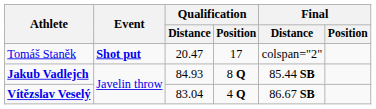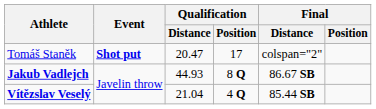 <table class=wikitable style=font-size:90%;text-align:center>
 <tr>
 <th rowspan=2>Athlete</th>
 <th rowspan=2>Event</th>
 <th colspan=2>Qualification</th>
 <th colspan=2>Final</th>
 </tr>
 <tr style=font-size:95%>
 <th>Distance</th>
 <th>Position</th>
 <th>Distance</th>
 <th>Position</th>
 </tr>
 <tr>
 <td align=left><a href='#'>Tomáš Staněk</a></td>
 <td align=left><strong><a href='#'>Shot put</a></strong></td>
 <td>20.47</td>
 <td>17</td>
 <td>colspan="2" </td>
 </tr>
 <tr>
 <td align=left><strong><a href='#'>Jakub Vadlejch</a></strong></td>
 <td align=left rowspan=2><a href='#'>Javelin throw</a></td>
-<td>84.93</td>
+<td>44.93</td>
 <td>8 <strong>Q</strong></td>
-<td>85.44 <strong>SB</strong></td>
+<td>86.67 <strong>SB</strong></td>
 <td></td>
 </tr>
 <tr>
 <td align=left><strong><a href='#'>Vítězslav Veselý</a></strong></td>
-<td>83.04</td>
+<td>21.04</td>
 <td>4 <strong>Q</strong></td>
-<td>86.67 <strong>SB</strong></td>
+<td>85.44 <strong>SB</strong></td>
 <td></td>
 </tr>
 </table>
